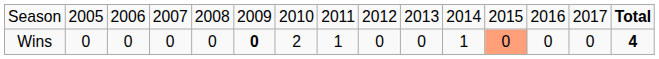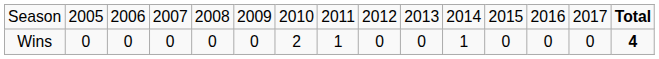 <table class="wikitable sortable">
 <tr>
 <td>Season</td>
 <td>2005</td>
 <td>2006</td>
 <td>2007</td>
 <td>2008</td>
 <td>2009</td>
 <td>2010</td>
 <td>2011</td>
 <td>2012</td>
 <td>2013</td>
 <td>2014</td>
 <td>2015</td>
 <td>2016</td>
 <td>2017</td>
 <td><strong>Total</strong></td>
 </tr>
 <tr align=center>
 <td>Wins</td>
 <td>0</td>
 <td>0</td>
 <td>0</td>
 <td>0</td>
-<td><strong>0</strong></td>
+<td>0</td>
 <td>2</td>
 <td>1</td>
 <td>0</td>
 <td>0</td>
 <td>1</td>
-<td style="background: lightsalmon;">0</td>
+<td>0</td>
 <td>0</td>
 <td>0</td>
 <td><strong>4</strong></td>
 </tr>
 </table>
